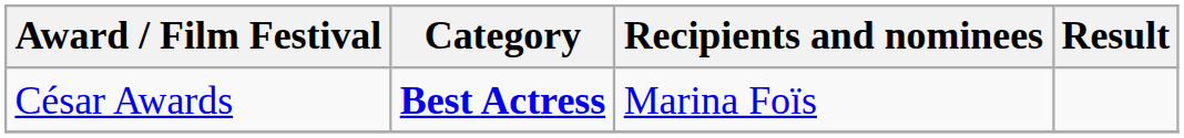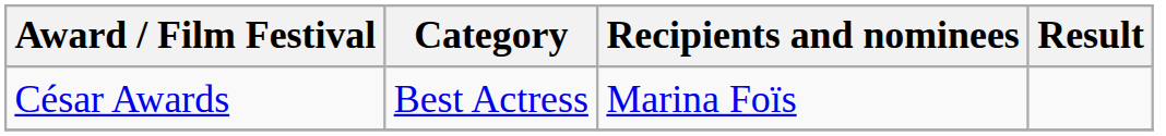 <table class="wikitable plainrowheaders sortable">
 <tr style="background:#ccc; text-align:center;">
 <th scope="col">Award / Film Festival</th>
 <th scope="col">Category</th>
 <th scope="col">Recipients and nominees</th>
 <th scope="col">Result</th>
 </tr>
 <tr>
 <td><a href='#'>César Awards</a></td>
-<td><strong><a href='#'>Best Actress</a></strong></td>
+<td><a href='#'>Best Actress</a></td>
 <td><a href='#'>Marina Foïs</a></td>
 <td></td>
 </tr>
 <tr>
 </tr>
 </table>
